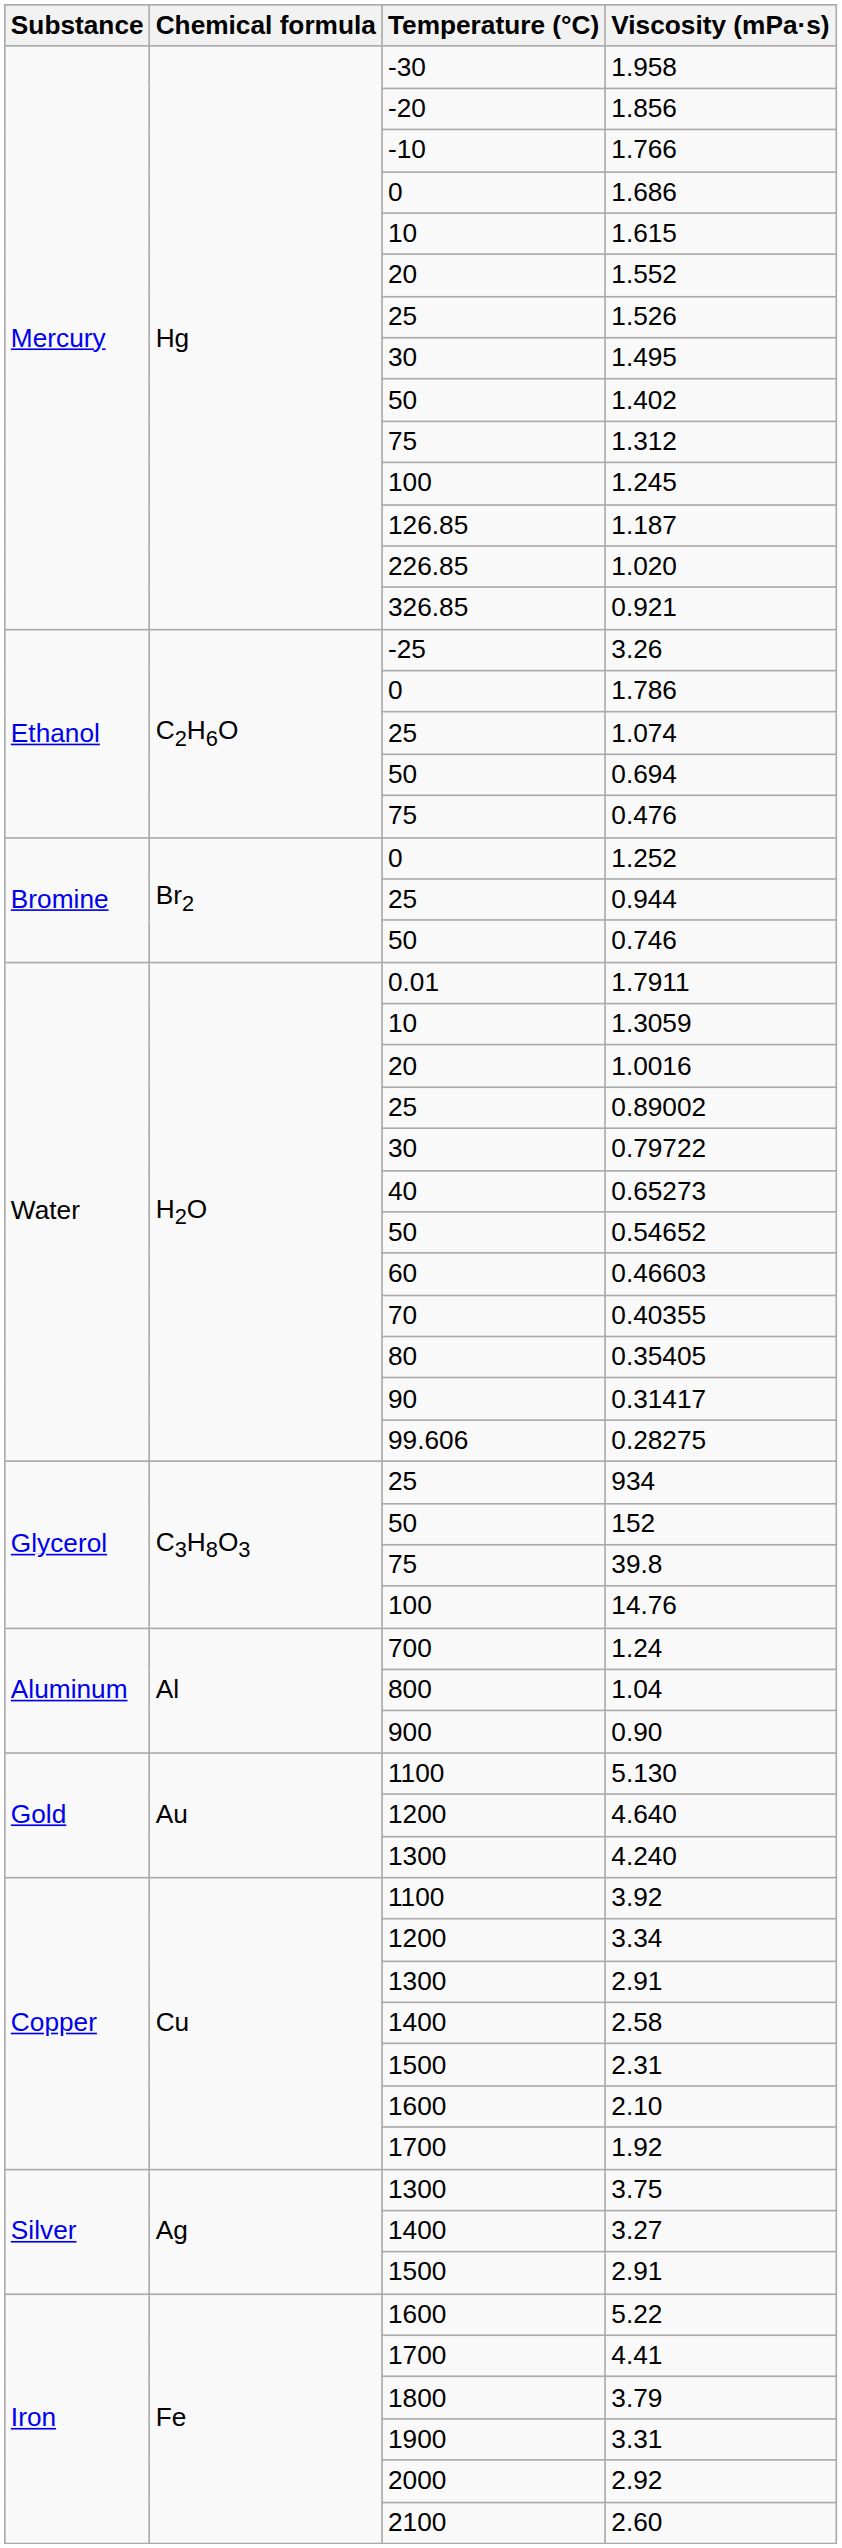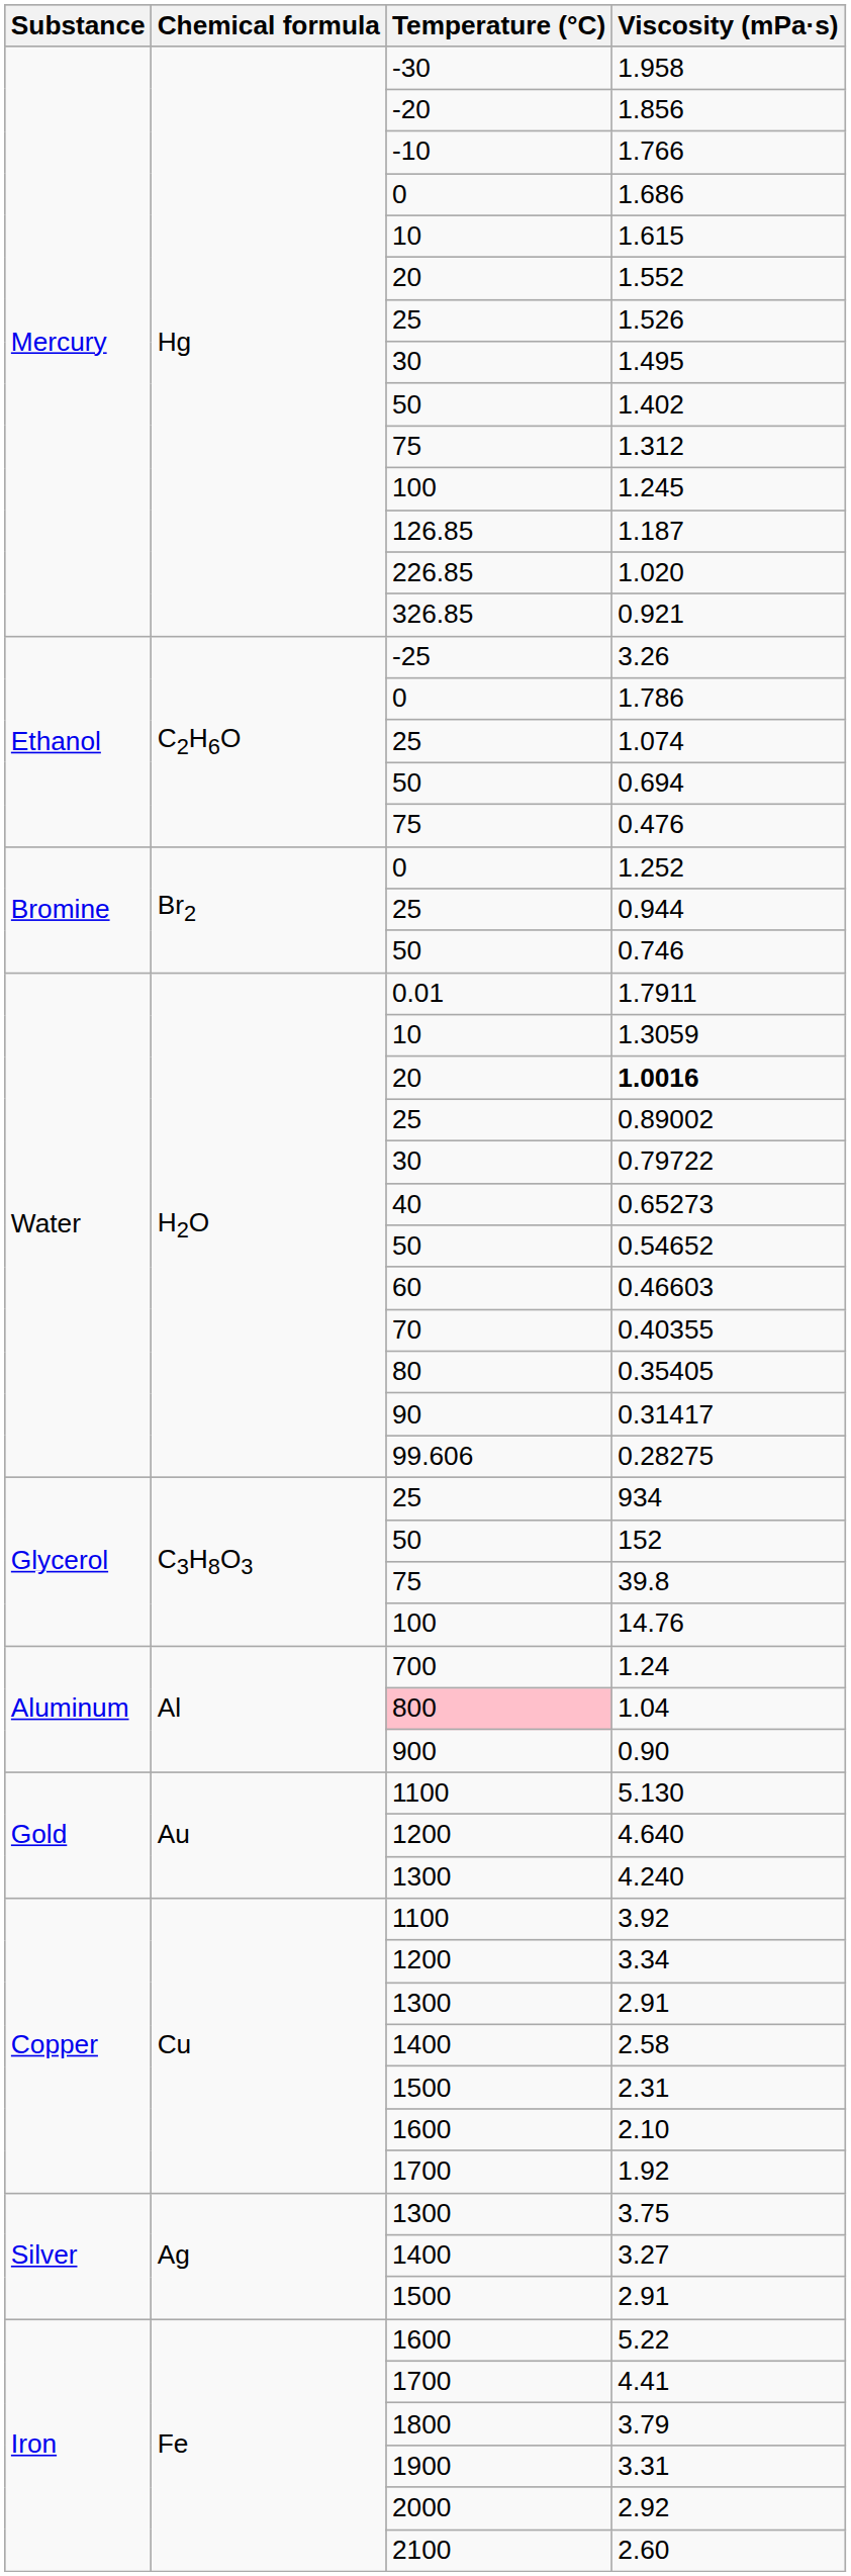 <table class="wikitable sortable">
 <tr style="background:#efefef;">
 <th>Substance</th>
 <th>Chemical formula</th>
 <th>Temperature (°C)</th>
 <th>Viscosity (mPa·s)</th>
 </tr>
 <tr>
 <td rowspan="14"><a href='#'>Mercury</a></td>
 <td rowspan="14">Hg</td>
 <td>-30</td>
 <td>1.958</td>
 </tr>
 <tr>
 <td>-20</td>
 <td>1.856</td>
 </tr>
 <tr>
 <td>-10</td>
 <td>1.766</td>
 </tr>
 <tr>
 <td>0</td>
 <td>1.686</td>
 </tr>
 <tr>
 <td>10</td>
 <td>1.615</td>
 </tr>
 <tr>
 <td>20</td>
 <td>1.552</td>
 </tr>
 <tr>
 <td>25</td>
 <td>1.526</td>
 </tr>
 <tr>
 <td>30</td>
 <td>1.495</td>
 </tr>
 <tr>
 <td>50</td>
 <td>1.402</td>
 </tr>
 <tr>
 <td>75</td>
 <td>1.312</td>
 </tr>
 <tr>
 <td>100</td>
 <td>1.245</td>
 </tr>
 <tr>
 <td>126.85</td>
 <td>1.187</td>
 </tr>
 <tr>
 <td>226.85</td>
 <td>1.020</td>
 </tr>
 <tr>
 <td>326.85</td>
 <td>0.921</td>
 </tr>
 <tr>
 <td rowspan="5"><a href='#'>Ethanol</a></td>
 <td rowspan="5">C<sub>2</sub>H<sub>6</sub>O</td>
 <td>-25</td>
 <td>3.26</td>
 </tr>
 <tr>
 <td>0</td>
 <td>1.786</td>
 </tr>
 <tr>
 <td>25</td>
 <td>1.074</td>
 </tr>
 <tr>
 <td>50</td>
 <td>0.694</td>
 </tr>
 <tr>
 <td>75</td>
 <td>0.476</td>
 </tr>
 <tr>
 <td rowspan="3"><a href='#'>Bromine</a></td>
 <td rowspan="3">Br<sub>2</sub></td>
 <td>0</td>
 <td>1.252</td>
 </tr>
 <tr>
 <td>25</td>
 <td>0.944</td>
 </tr>
 <tr>
 <td>50</td>
 <td>0.746</td>
 </tr>
 <tr>
 <td rowspan="12">Water</td>
 <td rowspan="12">H<sub>2</sub>O</td>
 <td>0.01</td>
 <td>1.7911</td>
 </tr>
 <tr>
 <td>10</td>
 <td>1.3059</td>
 </tr>
 <tr>
 <td>20</td>
-<td>1.0016</td>
+<td><strong>1.0016</strong></td>
 </tr>
 <tr>
 <td>25</td>
 <td>0.89002</td>
 </tr>
 <tr>
 <td>30</td>
 <td>0.79722</td>
 </tr>
 <tr>
 <td>40</td>
 <td>0.65273</td>
 </tr>
 <tr>
 <td>50</td>
 <td>0.54652</td>
 </tr>
 <tr>
 <td>60</td>
 <td>0.46603</td>
 </tr>
 <tr>
 <td>70</td>
 <td>0.40355</td>
 </tr>
 <tr>
 <td>80</td>
 <td>0.35405</td>
 </tr>
 <tr>
 <td>90</td>
 <td>0.31417</td>
 </tr>
 <tr>
 <td>99.606</td>
 <td>0.28275</td>
 </tr>
 <tr>
 <td rowspan="4"><a href='#'>Glycerol</a></td>
 <td rowspan="4">C<sub>3</sub>H<sub>8</sub>O<sub>3</sub></td>
 <td>25</td>
 <td>934</td>
 </tr>
 <tr>
 <td>50</td>
 <td>152</td>
 </tr>
 <tr>
 <td>75</td>
 <td>39.8</td>
 </tr>
 <tr>
 <td>100</td>
 <td>14.76</td>
 </tr>
 <tr>
 <td rowspan="3"><a href='#'>Aluminum</a></td>
 <td rowspan="3">Al</td>
 <td>700</td>
 <td>1.24</td>
 </tr>
 <tr>
-<td>800</td>
+<td style="background: pink;">800</td>
 <td>1.04</td>
 </tr>
 <tr>
 <td>900</td>
 <td>0.90</td>
 </tr>
 <tr>
 <td rowspan="3"><a href='#'>Gold</a></td>
 <td rowspan="3">Au</td>
 <td>1100</td>
 <td>5.130</td>
 </tr>
 <tr>
 <td>1200</td>
 <td>4.640</td>
 </tr>
 <tr>
 <td>1300</td>
 <td>4.240</td>
 </tr>
 <tr>
 <td rowspan="7"><a href='#'>Copper</a></td>
 <td rowspan="7">Cu</td>
 <td>1100</td>
 <td>3.92</td>
 </tr>
 <tr>
 <td>1200</td>
 <td>3.34</td>
 </tr>
 <tr>
 <td>1300</td>
 <td>2.91</td>
 </tr>
 <tr>
 <td>1400</td>
 <td>2.58</td>
 </tr>
 <tr>
 <td>1500</td>
 <td>2.31</td>
 </tr>
 <tr>
 <td>1600</td>
 <td>2.10</td>
 </tr>
 <tr>
 <td>1700</td>
 <td>1.92</td>
 </tr>
 <tr>
 <td rowspan="3"><a href='#'>Silver</a></td>
 <td rowspan="3">Ag</td>
 <td>1300</td>
 <td>3.75</td>
 </tr>
 <tr>
 <td>1400</td>
 <td>3.27</td>
 </tr>
 <tr>
 <td>1500</td>
 <td>2.91</td>
 </tr>
 <tr>
 <td rowspan="6"><a href='#'>Iron</a></td>
 <td rowspan="6">Fe</td>
 <td>1600</td>
 <td>5.22</td>
 </tr>
 <tr>
 <td>1700</td>
 <td>4.41</td>
 </tr>
 <tr>
 <td>1800</td>
 <td>3.79</td>
 </tr>
 <tr>
 <td>1900</td>
 <td>3.31</td>
 </tr>
 <tr>
 <td>2000</td>
 <td>2.92</td>
 </tr>
 <tr>
 <td>2100</td>
 <td>2.60</td>
 </tr>
 </table>
